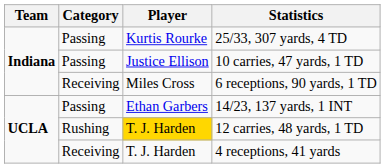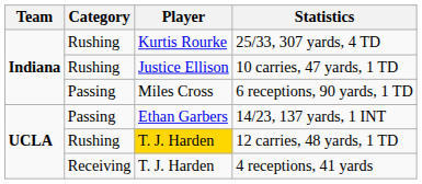 <table class="wikitable" style="float: right;">
 <tr>
 <th>Team</th>
 <th>Category</th>
 <th>Player</th>
 <th>Statistics</th>
 </tr>
 <tr>
 <td rowspan=3><strong>Indiana</strong></td>
-<td>Passing</td>
+<td>Rushing</td>
 <td><a href='#'>Kurtis Rourke</a></td>
 <td>25/33, 307 yards, 4 TD</td>
 </tr>
 <tr>
-<td>Passing</td>
+<td>Rushing</td>
 <td><a href='#'>Justice Ellison</a></td>
 <td>10 carries, 47 yards, 1 TD</td>
 </tr>
 <tr>
-<td>Receiving</td>
+<td>Passing</td>
 <td>Miles Cross</td>
 <td>6 receptions, 90 yards, 1 TD</td>
 </tr>
 <tr>
 <td rowspan=3><strong>UCLA</strong></td>
 <td>Passing</td>
 <td><a href='#'>Ethan Garbers</a></td>
 <td>14/23, 137 yards, 1 INT</td>
 </tr>
 <tr>
 <td>Rushing</td>
 <td style="background: gold;">T. J. Harden</td>
 <td>12 carries, 48 yards, 1 TD</td>
 </tr>
 <tr>
 <td>Receiving</td>
 <td>T. J. Harden</td>
 <td>4 receptions, 41 yards</td>
 </tr>
 </table>
